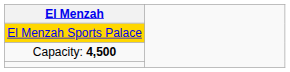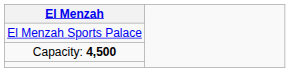 <table class="wikitable floatright" style="text-align:center">
 <tr>
 <th width=50%><a href='#'>El Menzah</a></th>
 <td width=50% rowspan=4></td>
 </tr>
 <tr>
-<td style="background: gold;"><a href='#'>El Menzah Sports Palace</a></td>
+<td><a href='#'>El Menzah Sports Palace</a></td>
 </tr>
 <tr>
 <td>Capacity: <strong>4,500</strong></td>
 </tr>
 <tr>
 <td></td>
 </tr>
 </table>
